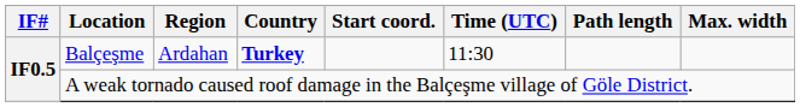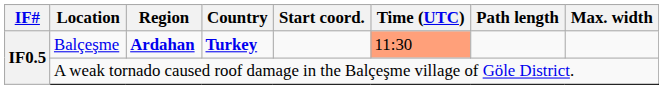 <table class="wikitable sortable" style="width:100%;">
 <tr>
 <th scope="col" width="2%" align="center"><a href='#'>IF#</a></th>
 <th scope="col" align="center" class="unsortable">Location</th>
 <th scope="col" align="center" class="unsortable">Region</th>
 <th scope="col" align="center">Country</th>
 <th scope="col" align="center">Start coord.</th>
 <th scope="col" align="center">Time (<a href='#'>UTC</a>)</th>
 <th scope="col" align="center">Path length</th>
 <th scope="col" align="center">Max. width</th>
 </tr>
 <tr>
 <th scope="row" rowspan="2" style="background-color:#">IF0.5</th>
 <td><a href='#'>Balçeşme</a></td>
-<td><a href='#'>Ardahan</a></td>
+<td><strong><a href='#'>Ardahan</a></strong></td>
 <td><strong><a href='#'>Turkey</a></strong></td>
 <td></td>
-<td>11:30</td>
+<td style="background: lightsalmon;">11:30</td>
 <td></td>
 <td></td>
 </tr>
 <tr class="expand-child">
 <td colspan="8" style=" border-bottom: 1px solid black;">A weak tornado caused roof damage in the Balçeşme village of <a href='#'>Göle District</a>.</td>
 </tr>
 </table>
